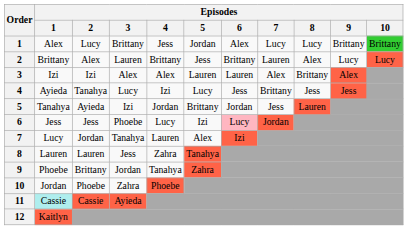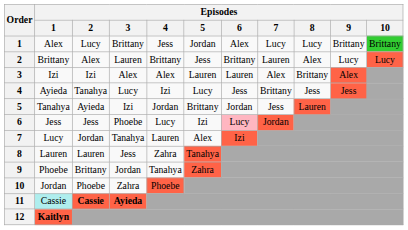 <table class="wikitable" style="text-align:center; font-size:92%">
 <tr>
 <th rowspan=2>Order</th>
 <th colspan="10">Episodes</th>
 </tr>
 <tr>
 <th>1</th>
 <th>2</th>
 <th>3</th>
 <th>4</th>
 <th>5</th>
 <th>6</th>
 <th>7</th>
 <th>8</th>
 <th>9</th>
 <th>10</th>
 </tr>
 <tr>
 <th>1</th>
 <td>Alex</td>
 <td>Lucy</td>
 <td>Brittany</td>
 <td>Jess</td>
 <td>Jordan</td>
 <td>Alex</td>
 <td>Lucy</td>
 <td>Lucy</td>
 <td>Brittany</td>
 <td style="background:limegreen;">Brittany</td>
 </tr>
 <tr>
 <th>2</th>
 <td>Brittany</td>
 <td>Alex</td>
 <td>Lauren</td>
 <td>Brittany</td>
 <td>Jess</td>
 <td>Brittany</td>
 <td>Lauren</td>
 <td>Alex</td>
 <td>Lucy</td>
 <td style="background:tomato;">Lucy</td>
 </tr>
 <tr>
 <th>3</th>
 <td>Izi</td>
 <td>Izi</td>
 <td>Alex</td>
 <td>Alex</td>
 <td>Lauren</td>
 <td>Lauren</td>
 <td>Alex</td>
 <td>Brittany</td>
 <td style="background:tomato;">Alex</td>
 <td style="background:darkgray;"></td>
 </tr>
 <tr>
 <th>4</th>
 <td>Ayieda</td>
 <td>Tanahya</td>
 <td>Lucy</td>
 <td>Izi</td>
 <td>Lucy</td>
 <td>Jess</td>
 <td>Brittany</td>
 <td>Jess</td>
 <td style="background:tomato;">Jess</td>
 <td style="background:darkgray;"></td>
 </tr>
 <tr>
 <th>5</th>
 <td>Tanahya</td>
 <td>Ayieda</td>
 <td>Izi</td>
 <td>Jordan</td>
 <td>Brittany</td>
 <td>Jordan</td>
 <td>Jess</td>
 <td style="background:tomato;">Lauren</td>
 <td colspan="2" style="background:darkgray;"></td>
 </tr>
 <tr>
 <th>6</th>
 <td>Jess</td>
 <td>Jess</td>
 <td>Phoebe</td>
 <td>Lucy</td>
 <td>Izi</td>
 <td style="background:lightpink;">Lucy</td>
 <td style="background:tomato;">Jordan</td>
 <td colspan="3" style="background:darkgray;"></td>
 </tr>
 <tr>
 <th>7</th>
 <td>Lucy</td>
 <td>Jordan</td>
 <td>Tanahya</td>
 <td>Lauren</td>
 <td>Alex</td>
 <td style="background:tomato;">Izi</td>
 <td colspan="4" style="background:darkgray;"></td>
 </tr>
 <tr>
 <th>8</th>
 <td>Lauren</td>
 <td>Lauren</td>
 <td>Jess</td>
 <td>Zahra</td>
 <td style="background:tomato;">Tanahya</td>
 <td colspan="5" style="background:darkgray;"></td>
 </tr>
 <tr>
 <th>9</th>
 <td>Phoebe</td>
 <td>Brittany</td>
 <td>Jordan</td>
 <td>Tanahya</td>
 <td style="background:tomato;">Zahra</td>
 <td colspan="5" style="background:darkgray;"></td>
 </tr>
 <tr>
 <th>10</th>
 <td>Jordan</td>
 <td>Phoebe</td>
 <td>Zahra</td>
 <td style="background:tomato;">Phoebe</td>
 <td colspan="6" style="background:darkgray;"></td>
 </tr>
 <tr>
 <th>11</th>
 <td style="background: paleturquoise;">Cassie</td>
-<td style="background:tomato;">Cassie</td>
-<td style="background:tomato;">Ayieda</td>
+<td style="background:tomato;"><strong>Cassie</strong></td>
+<td style="background:tomato;"><strong>Ayieda</strong></td>
 <td colspan="7" style="background:darkgray;"></td>
 </tr>
 <tr>
 <th>12</th>
-<td style="background:tomato;">Kaitlyn</td>
+<td style="background:tomato;"><strong>Kaitlyn</strong></td>
 <td colspan="9" style="background:darkgray;"></td>
 </tr>
 </table>
